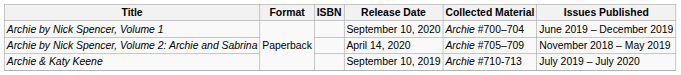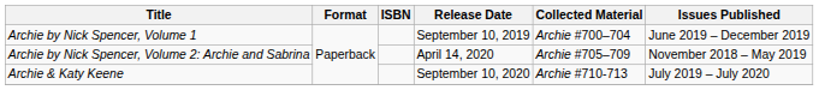 <table class="wikitable">
 <tr>
 <th>Title</th>
 <th>Format</th>
 <th>ISBN</th>
 <th>Release Date</th>
 <th>Collected Material</th>
 <th>Issues Published</th>
 </tr>
 <tr>
 <td><em>Archie by Nick Spencer, Volume 1</em></td>
 <td rowspan="3">Paperback</td>
 <td></td>
-<td>September 10, 2020</td>
+<td>September 10, 2019</td>
 <td><em>Archie</em> #700–704</td>
 <td>June 2019 – December 2019</td>
 </tr>
 <tr>
 <td><em>Archie by Nick Spencer, Volume 2: Archie and Sabrina</em></td>
 <td></td>
 <td>April 14, 2020</td>
 <td><em>Archie</em> #705–709</td>
 <td>November 2018 – May 2019</td>
 </tr>
 <tr>
 <td><em>Archie & Katy Keene</em></td>
 <td></td>
-<td>September 10, 2019</td>
+<td>September 10, 2020</td>
 <td><em>Archie</em> #710-713</td>
 <td>July 2019 – July 2020</td>
 </tr>
 <tr>
 </tr>
 </table>
